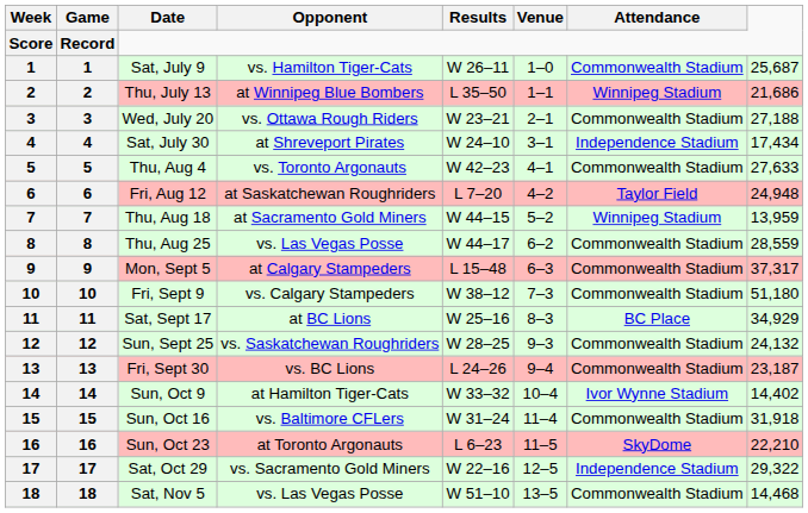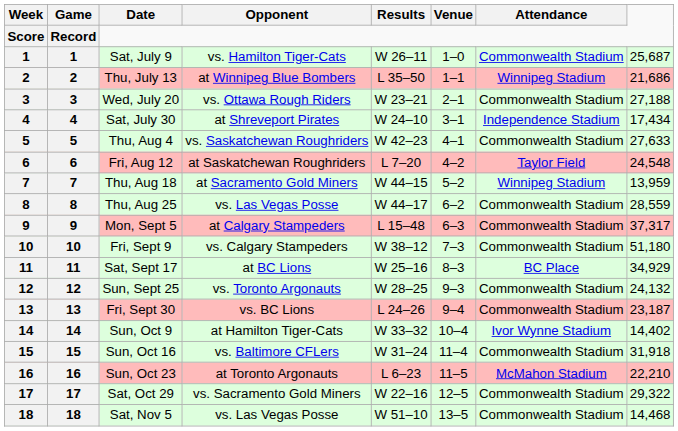 <table class="wikitable" style="text-align:center">
 <tr>
 <th>Week</th>
 <th>Game</th>
 <th>Date</th>
 <th>Opponent</th>
 <th>Results</th>
 <th>Venue</th>
 <th>Attendance</th>
 </tr>
 <tr>
 <th>Score</th>
 <th>Record</th>
 </tr>
 <tr style="background:#ddffdd">
 <th>1</th>
 <th>1</th>
 <td>Sat, July 9</td>
 <td>vs. <a href='#'>Hamilton Tiger-Cats</a></td>
 <td>W 26–11</td>
 <td>1–0</td>
 <td><a href='#'>Commonwealth Stadium</a></td>
 <td>25,687</td>
 </tr>
 <tr style="background:#ffbbbb">
 <th>2</th>
 <th>2</th>
 <td>Thu, July 13</td>
 <td>at <a href='#'>Winnipeg Blue Bombers</a></td>
 <td>L 35–50</td>
 <td>1–1</td>
 <td><a href='#'>Winnipeg Stadium</a></td>
 <td>21,686</td>
 </tr>
 <tr style="background:#ddffdd">
 <th>3</th>
 <th>3</th>
 <td>Wed, July 20</td>
 <td>vs. <a href='#'>Ottawa Rough Riders</a></td>
 <td>W 23–21</td>
 <td>2–1</td>
 <td>Commonwealth Stadium</td>
 <td>27,188</td>
 </tr>
 <tr style="background:#ddffdd">
 <th>4</th>
 <th>4</th>
 <td>Sat, July 30</td>
 <td>at <a href='#'>Shreveport Pirates</a></td>
 <td>W 24–10</td>
 <td>3–1</td>
 <td><a href='#'>Independence Stadium</a></td>
 <td>17,434</td>
 </tr>
 <tr style="background:#ddffdd">
 <th>5</th>
 <th>5</th>
 <td>Thu, Aug 4</td>
-<td>vs. <a href='#'>Toronto Argonauts</a></td>
+<td>vs. <a href='#'>Saskatchewan Roughriders</a></td>
 <td>W 42–23</td>
 <td>4–1</td>
 <td>Commonwealth Stadium</td>
 <td>27,633</td>
 </tr>
 <tr style="background:#ffbbbb">
 <th>6</th>
 <th>6</th>
 <td>Fri, Aug 12</td>
 <td>at Saskatchewan Roughriders</td>
 <td>L 7–20</td>
 <td>4–2</td>
 <td><a href='#'>Taylor Field</a></td>
-<td>24,948</td>
+<td>24,548</td>
 </tr>
 <tr style="background:#ddffdd">
 <th>7</th>
 <th>7</th>
 <td>Thu, Aug 18</td>
 <td>at <a href='#'>Sacramento Gold Miners</a></td>
 <td>W 44–15</td>
 <td>5–2</td>
 <td><a href='#'>Winnipeg Stadium</a></td>
 <td>13,959</td>
 </tr>
 <tr style="background:#ddffdd">
 <th>8</th>
 <th>8</th>
 <td>Thu, Aug 25</td>
 <td>vs. <a href='#'>Las Vegas Posse</a></td>
 <td>W 44–17</td>
 <td>6–2</td>
 <td>Commonwealth Stadium</td>
 <td>28,559</td>
 </tr>
 <tr style="background:#ffbbbb">
 <th>9</th>
 <th>9</th>
 <td>Mon, Sept 5</td>
 <td>at <a href='#'>Calgary Stampeders</a></td>
 <td>L 15–48</td>
 <td>6–3</td>
 <td>Commonwealth Stadium</td>
 <td>37,317</td>
 </tr>
 <tr style="background:#ddffdd">
 <th>10</th>
 <th>10</th>
 <td>Fri, Sept 9</td>
 <td>vs. Calgary Stampeders</td>
 <td>W 38–12</td>
 <td>7–3</td>
 <td>Commonwealth Stadium</td>
 <td>51,180</td>
 </tr>
 <tr style="background:#ddffdd">
 <th>11</th>
 <th>11</th>
 <td>Sat, Sept 17</td>
 <td>at <a href='#'>BC Lions</a></td>
 <td>W 25–16</td>
 <td>8–3</td>
 <td><a href='#'>BC Place</a></td>
 <td>34,929</td>
 </tr>
 <tr style="background:#ddffdd">
 <th>12</th>
 <th>12</th>
 <td>Sun, Sept 25</td>
-<td>vs. <a href='#'>Saskatchewan Roughriders</a></td>
+<td>vs. <a href='#'>Toronto Argonauts</a></td>
 <td>W 28–25</td>
 <td>9–3</td>
 <td>Commonwealth Stadium</td>
 <td>24,132</td>
 </tr>
 <tr style="background:#ffbbbb">
 <th>13</th>
 <th>13</th>
 <td>Fri, Sept 30</td>
 <td>vs. BC Lions</td>
 <td>L 24–26</td>
 <td>9–4</td>
 <td>Commonwealth Stadium</td>
 <td>23,187</td>
 </tr>
 <tr style="background:#ddffdd">
 <th>14</th>
 <th>14</th>
 <td>Sun, Oct 9</td>
 <td>at Hamilton Tiger-Cats</td>
 <td>W 33–32</td>
 <td>10–4</td>
 <td><a href='#'>Ivor Wynne Stadium</a></td>
 <td>14,402</td>
 </tr>
 <tr style="background:#ddffdd">
 <th>15</th>
 <th>15</th>
 <td>Sun, Oct 16</td>
 <td>vs. <a href='#'>Baltimore CFLers</a></td>
 <td>W 31–24</td>
 <td>11–4</td>
 <td>Commonwealth Stadium</td>
 <td>31,918</td>
 </tr>
 <tr style="background:#ffbbbb">
 <th>16</th>
 <th>16</th>
 <td>Sun, Oct 23</td>
 <td>at Toronto Argonauts</td>
 <td>L 6–23</td>
 <td>11–5</td>
-<td><a href='#'>SkyDome</a></td>
+<td><a href='#'>McMahon Stadium</a></td>
 <td>22,210</td>
 </tr>
 <tr style="background:#ddffdd">
 <th>17</th>
 <th>17</th>
 <td>Sat, Oct 29</td>
 <td>vs. Sacramento Gold Miners</td>
 <td>W 22–16</td>
 <td>12–5</td>
-<td><a href='#'>Independence Stadium</a></td>
+<td>Commonwealth Stadium</td>
 <td>29,322</td>
 </tr>
 <tr style="background:#ddffdd">
 <th>18</th>
 <th>18</th>
 <td>Sat, Nov 5</td>
 <td>vs. Las Vegas Posse</td>
 <td>W 51–10</td>
 <td>13–5</td>
 <td>Commonwealth Stadium</td>
 <td>14,468</td>
 </tr>
 </table>
